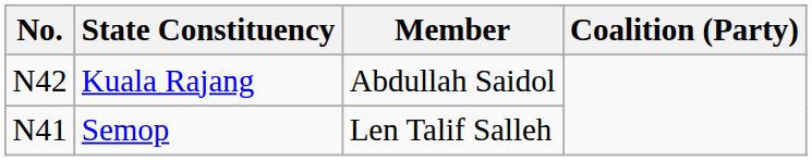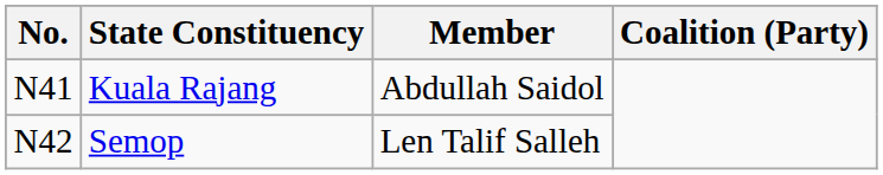 <table class="wikitable">
 <tr>
 <th>No.</th>
 <th>State Constituency</th>
 <th>Member</th>
 <th>Coalition (Party)</th>
 </tr>
 <tr>
-<td>N42</td>
+<td>N41</td>
 <td><a href='#'>Kuala Rajang</a></td>
 <td>Abdullah Saidol</td>
 <td rowspan="2"></td>
 </tr>
 <tr>
-<td>N41</td>
+<td>N42</td>
 <td><a href='#'>Semop</a></td>
 <td>Len Talif Salleh</td>
 </tr>
 </table>
